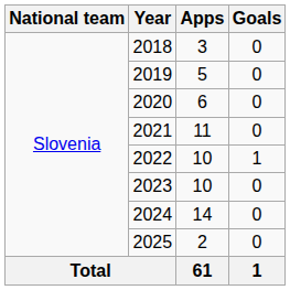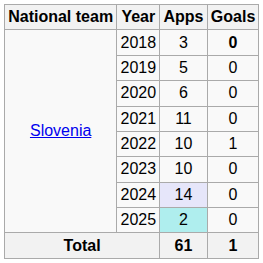 <table class="wikitable" style="text-align:center">
 <tr>
 <th>National team</th>
 <th>Year</th>
 <th>Apps</th>
 <th>Goals</th>
 </tr>
 <tr>
 <td rowspan="8"><a href='#'>Slovenia</a></td>
 <td>2018</td>
 <td>3</td>
-<td>0</td>
+<td><strong>0</strong></td>
 </tr>
 <tr>
 <td>2019</td>
 <td>5</td>
 <td>0</td>
 </tr>
 <tr>
 <td>2020</td>
 <td>6</td>
 <td>0</td>
 </tr>
 <tr>
 <td>2021</td>
 <td>11</td>
 <td>0</td>
 </tr>
 <tr>
 <td>2022</td>
 <td>10</td>
 <td>1</td>
 </tr>
 <tr>
 <td>2023</td>
 <td>10</td>
 <td>0</td>
 </tr>
 <tr>
 <td>2024</td>
-<td>14</td>
+<td style="background: lavender;">14</td>
 <td>0</td>
 </tr>
 <tr>
 <td>2025</td>
-<td>2</td>
+<td style="background: paleturquoise;">2</td>
 <td>0</td>
 </tr>
 <tr>
 <th colspan="2">Total</th>
 <th>61</th>
 <th>1</th>
 </tr>
 </table>
